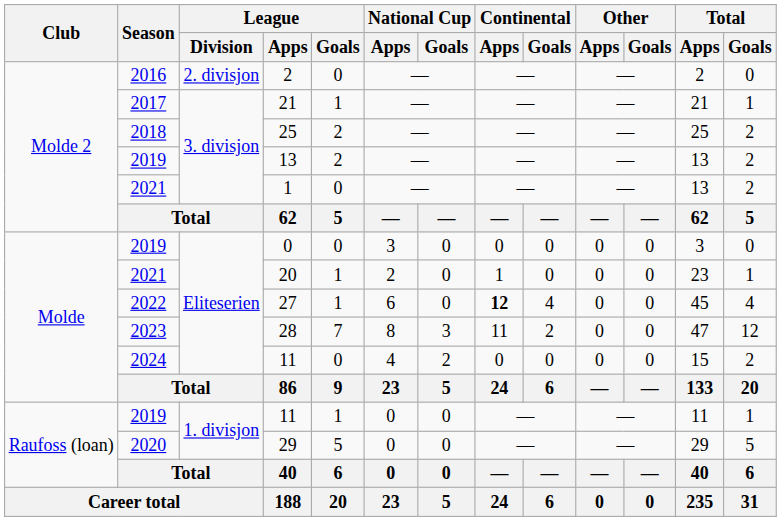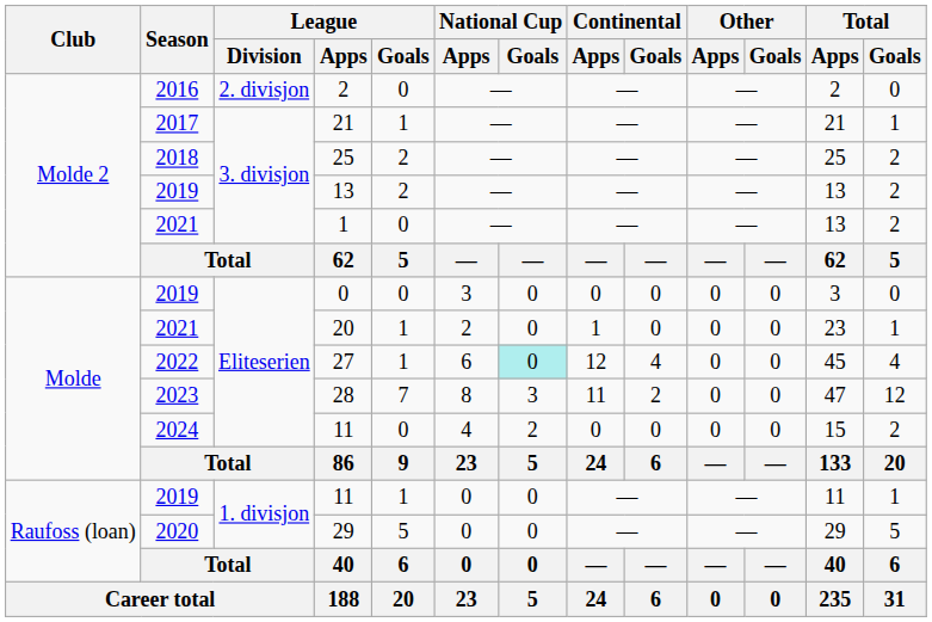 <table class="wikitable" style="text-align: center;">
 <tr>
 <th rowspan="2">Club</th>
 <th rowspan="2">Season</th>
 <th colspan="3">League</th>
 <th colspan="2">National Cup</th>
 <th colspan="2">Continental</th>
 <th colspan="2">Other</th>
 <th colspan="2">Total</th>
 </tr>
 <tr>
 <th>Division</th>
 <th>Apps</th>
 <th>Goals</th>
 <th>Apps</th>
 <th>Goals</th>
 <th>Apps</th>
 <th>Goals</th>
 <th>Apps</th>
 <th>Goals</th>
 <th>Apps</th>
 <th>Goals</th>
 </tr>
 <tr>
 <td rowspan="6" valign="center"><a href='#'>Molde 2</a></td>
 <td><a href='#'>2016</a></td>
 <td rowspan="1" valign="center"><a href='#'>2. divisjon</a></td>
 <td>2</td>
 <td>0</td>
 <td colspan="2">—</td>
 <td colspan="2">—</td>
 <td colspan="2">—</td>
 <td>2</td>
 <td>0</td>
 </tr>
 <tr>
 <td><a href='#'>2017</a></td>
 <td rowspan="4" valign="center"><a href='#'>3. divisjon</a></td>
 <td>21</td>
 <td>1</td>
 <td colspan="2">—</td>
 <td colspan="2">—</td>
 <td colspan="2">—</td>
 <td>21</td>
 <td>1</td>
 </tr>
 <tr>
 <td><a href='#'>2018</a></td>
 <td>25</td>
 <td>2</td>
 <td colspan="2">—</td>
 <td colspan="2">—</td>
 <td colspan="2">—</td>
 <td>25</td>
 <td>2</td>
 </tr>
 <tr>
 <td><a href='#'>2019</a></td>
 <td>13</td>
 <td>2</td>
 <td colspan="2">—</td>
 <td colspan="2">—</td>
 <td colspan="2">—</td>
 <td>13</td>
 <td>2</td>
 </tr>
 <tr>
 <td><a href='#'>2021</a></td>
 <td>1</td>
 <td>0</td>
 <td colspan="2">—</td>
 <td colspan="2">—</td>
 <td colspan="2">—</td>
 <td>13</td>
 <td>2</td>
 </tr>
 <tr>
 <th colspan="2">Total</th>
 <th>62</th>
 <th>5</th>
 <th>—</th>
 <th>—</th>
 <th>—</th>
 <th>—</th>
 <th>—</th>
 <th>—</th>
 <th>62</th>
 <th>5</th>
 </tr>
 <tr>
 <td rowspan="6" valign="center"><a href='#'>Molde</a></td>
 <td><a href='#'>2019</a></td>
 <td rowspan="5" valign="center"><a href='#'>Eliteserien</a></td>
 <td>0</td>
 <td>0</td>
 <td>3</td>
 <td>0</td>
 <td>0</td>
 <td>0</td>
 <td>0</td>
 <td>0</td>
 <td>3</td>
 <td>0</td>
 </tr>
 <tr>
 <td><a href='#'>2021</a></td>
 <td>20</td>
 <td>1</td>
 <td>2</td>
 <td>0</td>
 <td>1</td>
 <td>0</td>
 <td>0</td>
 <td>0</td>
 <td>23</td>
 <td>1</td>
 </tr>
 <tr>
 <td><a href='#'>2022</a></td>
 <td>27</td>
 <td>1</td>
 <td>6</td>
-<td>0</td>
-<td><strong>12</strong></td>
+<td style="background: paleturquoise;">0</td>
+<td>12</td>
 <td>4</td>
 <td>0</td>
 <td>0</td>
 <td>45</td>
 <td>4</td>
 </tr>
 <tr>
 <td><a href='#'>2023</a></td>
 <td>28</td>
 <td>7</td>
 <td>8</td>
 <td>3</td>
 <td>11</td>
 <td>2</td>
 <td>0</td>
 <td>0</td>
 <td>47</td>
 <td>12</td>
 </tr>
 <tr>
 <td><a href='#'>2024</a></td>
 <td>11</td>
 <td>0</td>
 <td>4</td>
 <td>2</td>
 <td>0</td>
 <td>0</td>
 <td>0</td>
 <td>0</td>
 <td>15</td>
 <td>2</td>
 </tr>
 <tr>
 <th colspan="2">Total</th>
 <th>86</th>
 <th>9</th>
 <th>23</th>
 <th>5</th>
 <th>24</th>
 <th>6</th>
 <th>—</th>
 <th>—</th>
 <th>133</th>
 <th>20</th>
 </tr>
 <tr>
 <td rowspan="3" valign="center"><a href='#'>Raufoss</a> (loan)</td>
 <td><a href='#'>2019</a></td>
 <td rowspan="2" valign="center"><a href='#'>1. divisjon</a></td>
 <td>11</td>
 <td>1</td>
 <td>0</td>
 <td>0</td>
 <td colspan="2">—</td>
 <td colspan="2">—</td>
 <td>11</td>
 <td>1</td>
 </tr>
 <tr>
 <td><a href='#'>2020</a></td>
 <td>29</td>
 <td>5</td>
 <td>0</td>
 <td>0</td>
 <td colspan="2">—</td>
 <td colspan="2">—</td>
 <td>29</td>
 <td>5</td>
 </tr>
 <tr>
 <th colspan="2">Total</th>
 <th>40</th>
 <th>6</th>
 <th>0</th>
 <th>0</th>
 <th>—</th>
 <th>—</th>
 <th>—</th>
 <th>—</th>
 <th>40</th>
 <th>6</th>
 </tr>
 <tr>
 <th colspan="3">Career total</th>
 <th>188</th>
 <th>20</th>
 <th>23</th>
 <th>5</th>
 <th>24</th>
 <th>6</th>
 <th>0</th>
 <th>0</th>
 <th>235</th>
 <th>31</th>
 </tr>
 </table>
